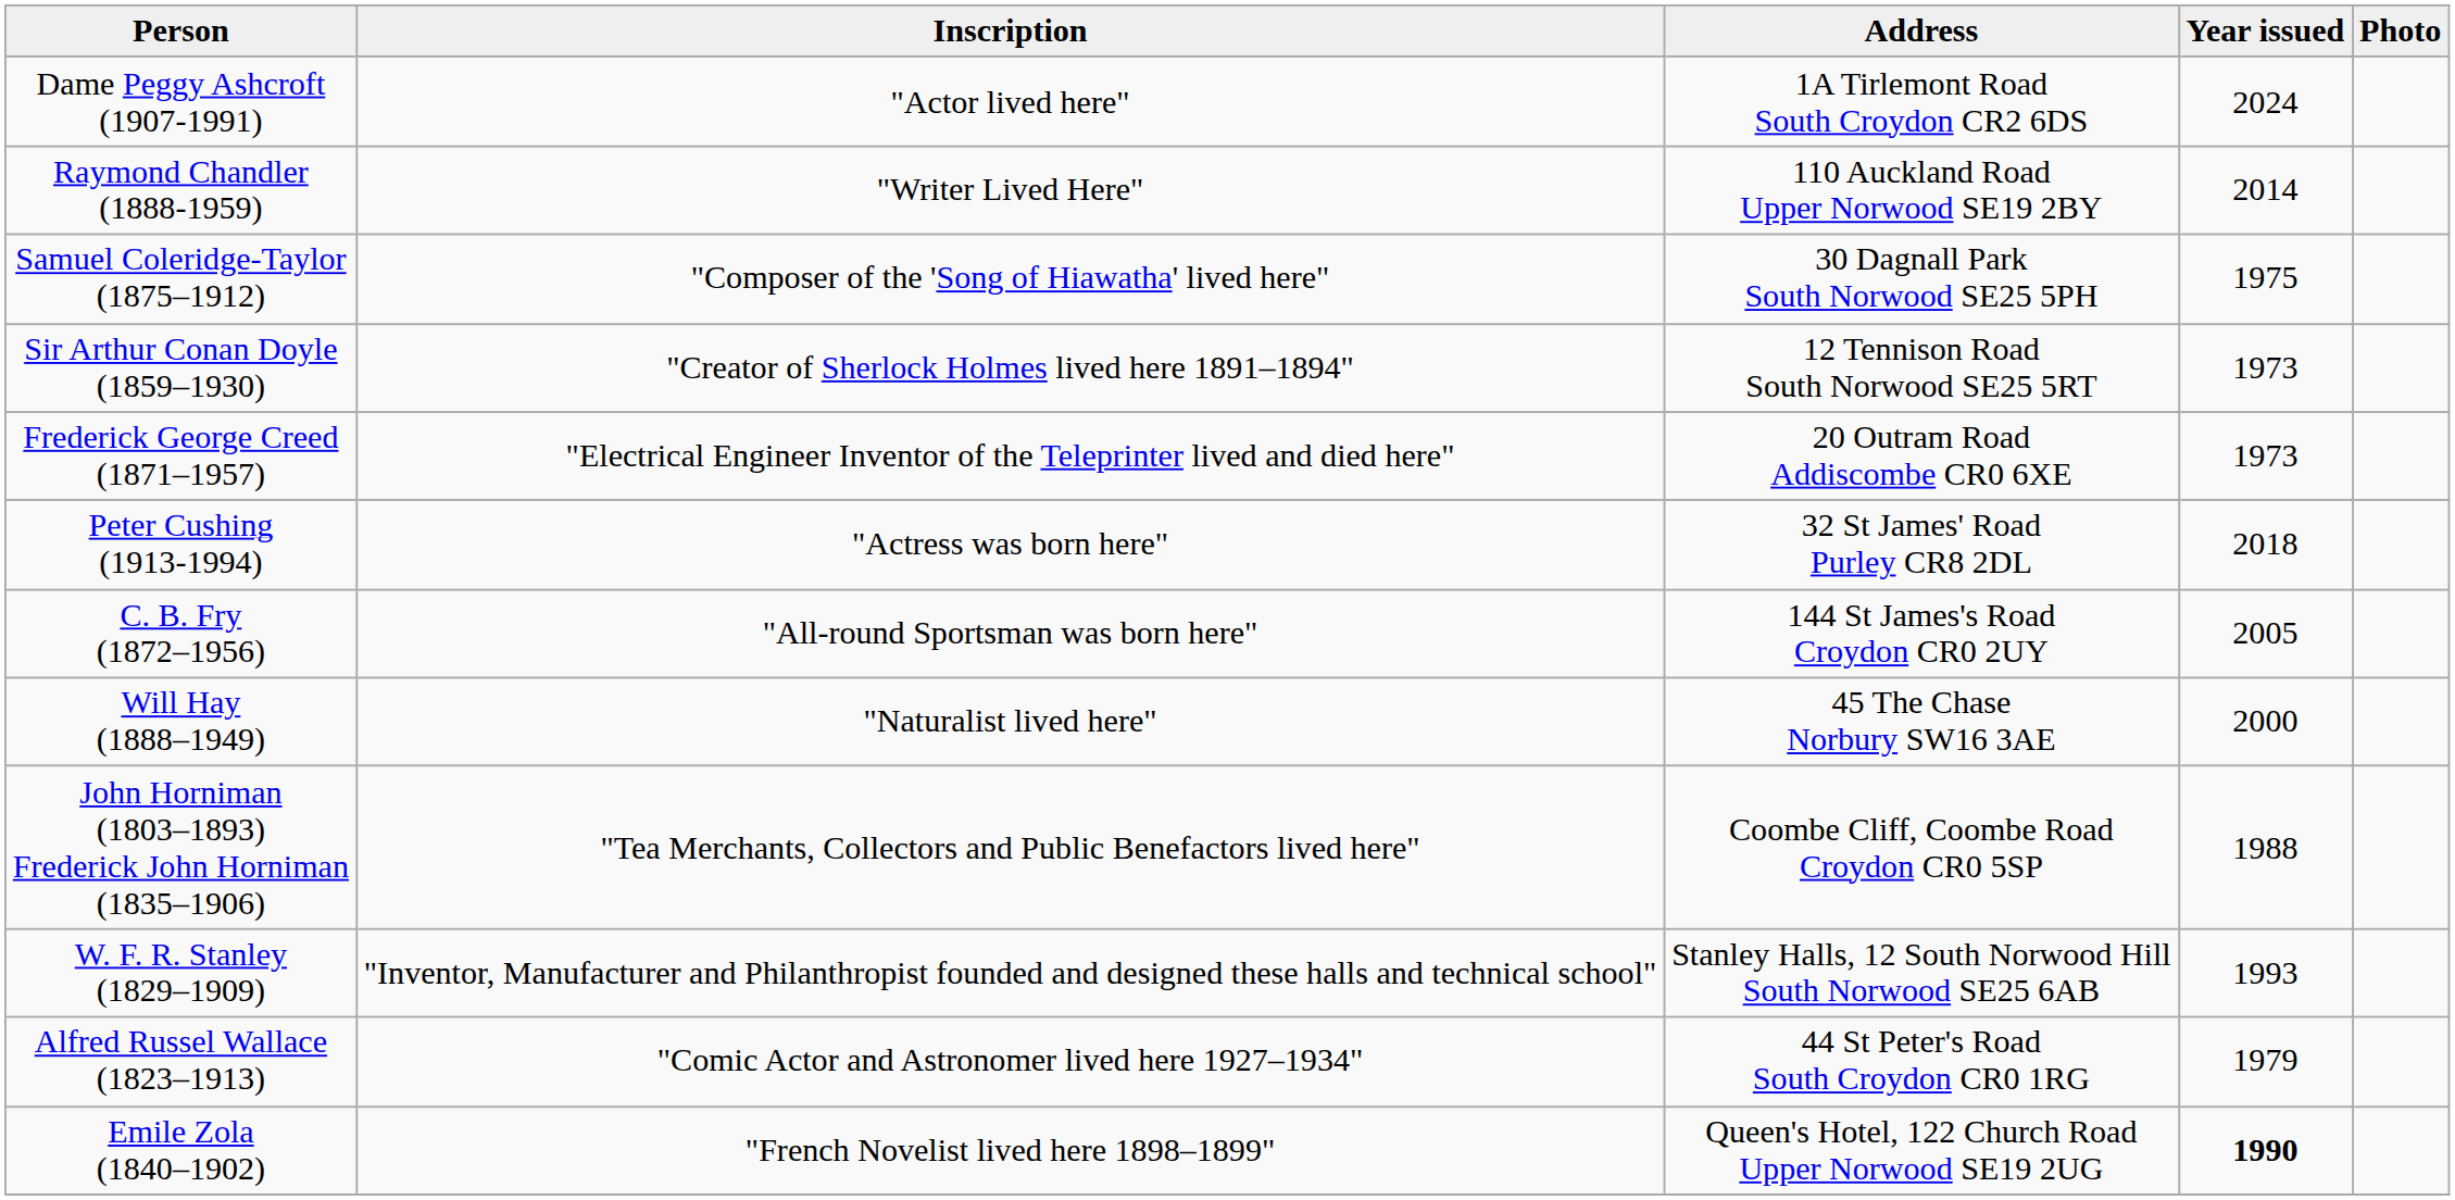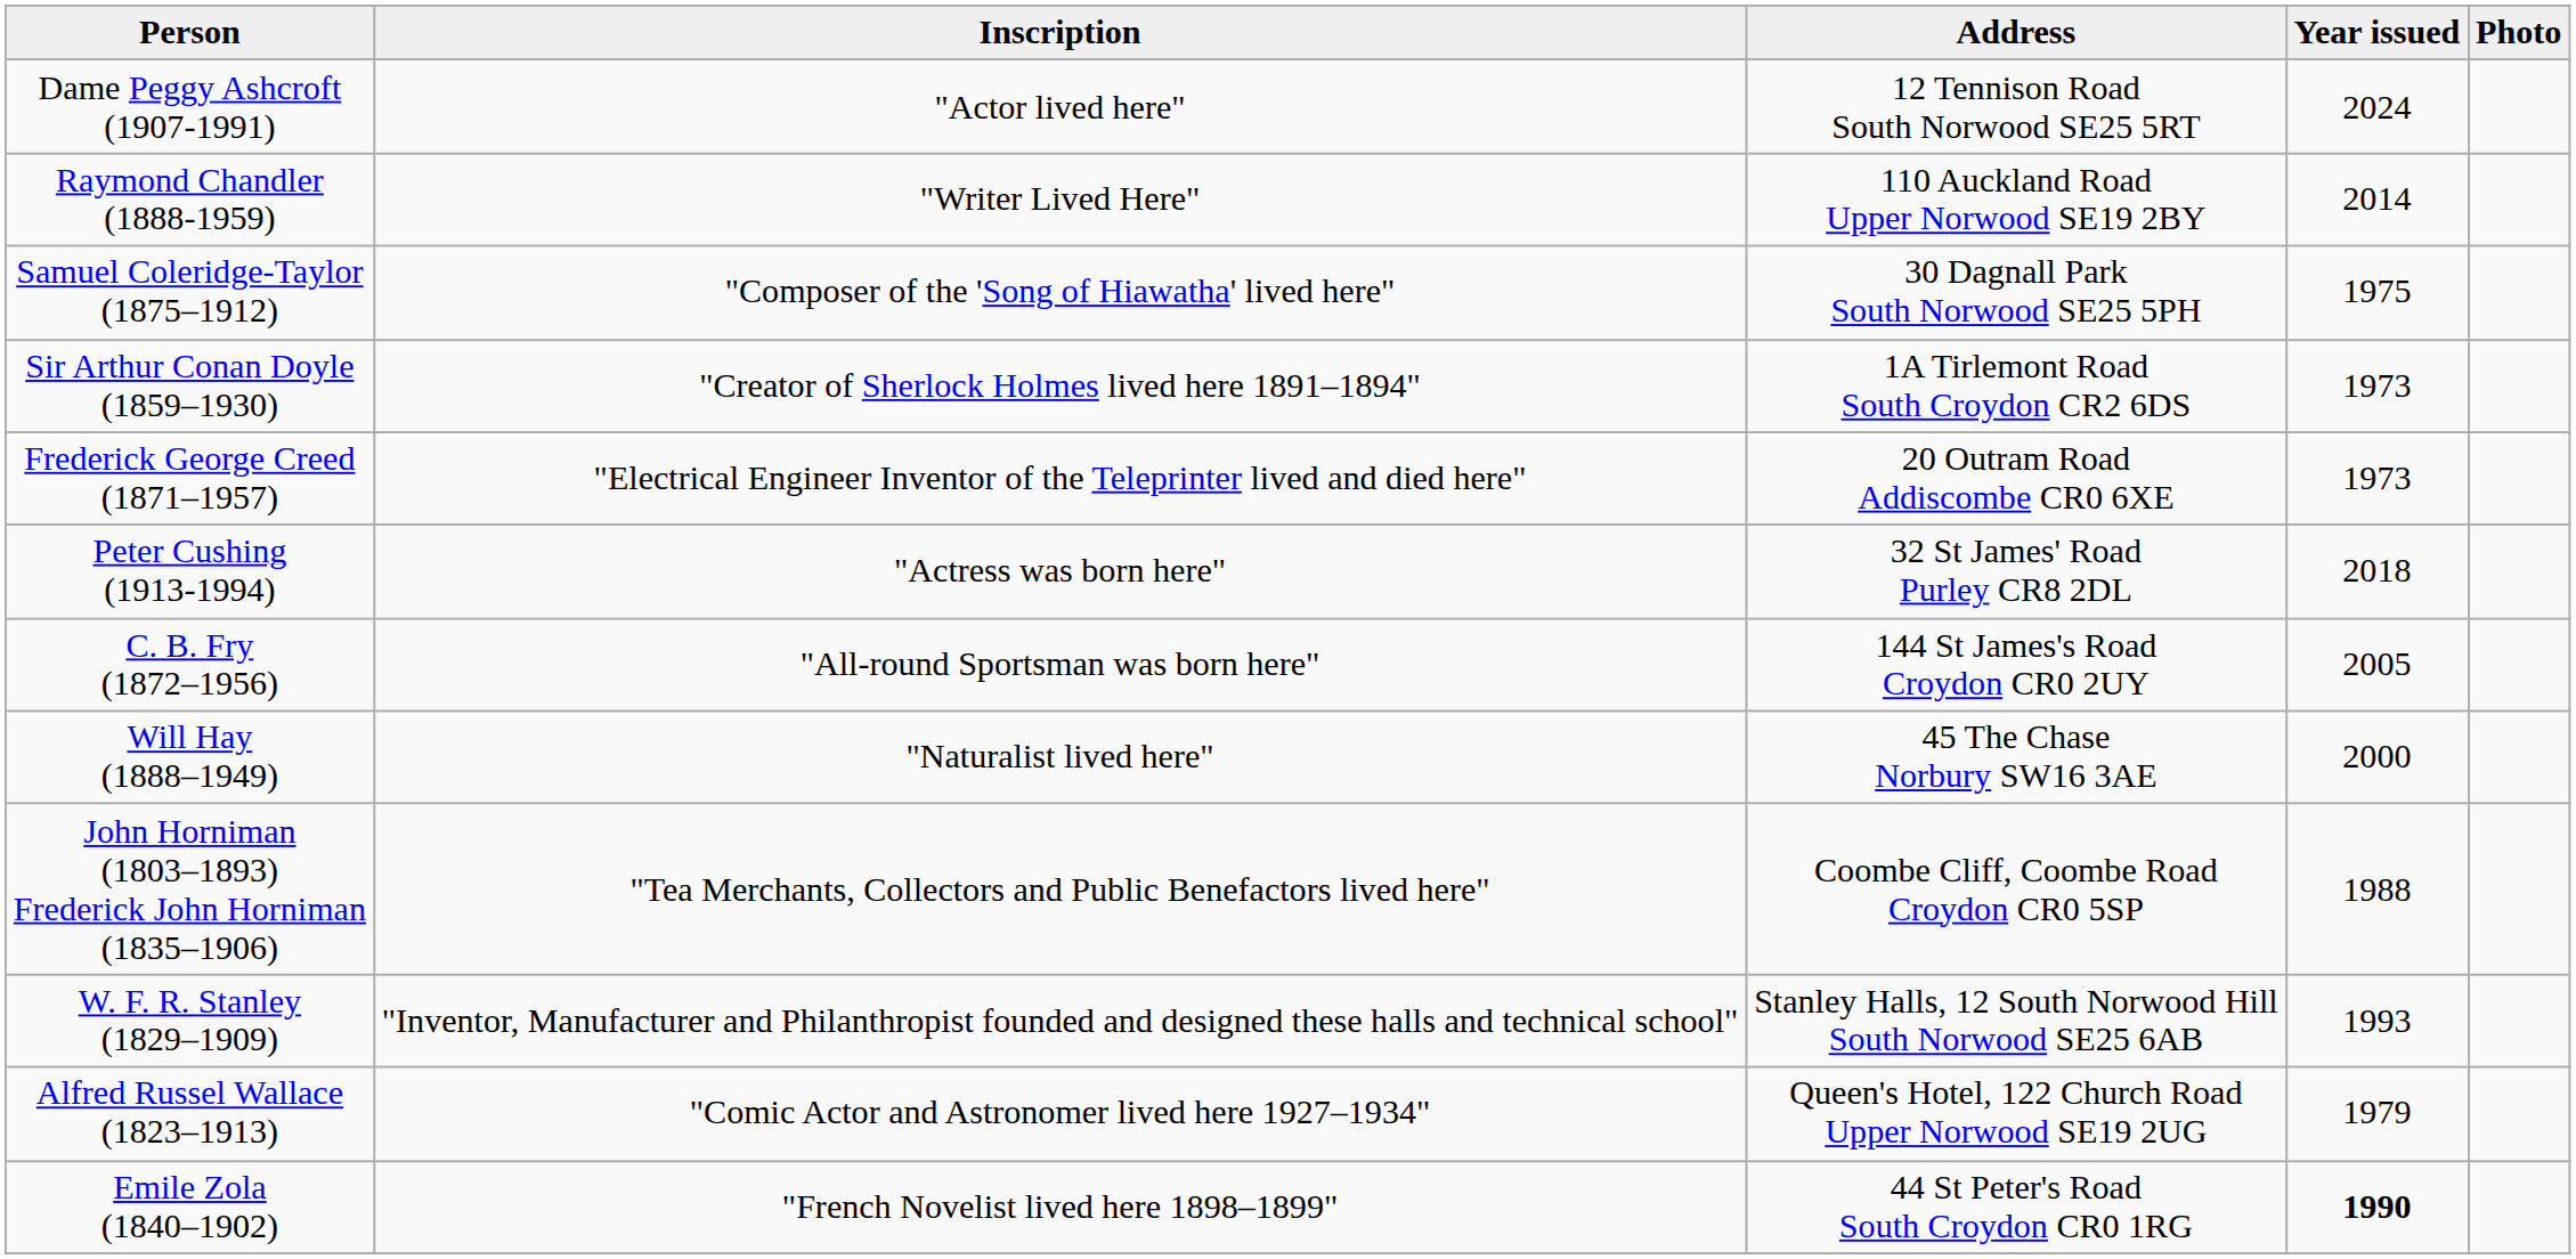 <table class="wikitable"  style="text-align:center;">
 <tr>
 <th style="background:#efefef;">Person</th>
 <th style="background:#efefef;">Inscription</th>
 <th style="background:#efefef;">Address</th>
 <th style="background:#efefef;">Year issued</th>
 <th style="background:#efefef;">Photo</th>
 </tr>
 <tr>
 <td>Dame <a href='#'>Peggy Ashcroft</a><br>(1907-1991)</td>
 <td>"Actor lived here"</td>
-<td>1A Tirlemont Road <br><a href='#'>South Croydon</a> CR2 6DS</td>
+<td>12 Tennison Road<br>South Norwood SE25 5RT</td>
 <td>2024</td>
 <td></td>
 </tr>
 <tr>
 <td><a href='#'>Raymond Chandler</a><br>(1888-1959)</td>
 <td>"Writer Lived Here"</td>
 <td>110 Auckland Road<br><a href='#'>Upper Norwood</a> SE19 2BY</td>
 <td>2014</td>
 <td></td>
 </tr>
 <tr>
 <td><a href='#'>Samuel Coleridge-Taylor</a><br>(1875–1912)</td>
 <td>"Composer of the '<a href='#'>Song of Hiawatha</a>' lived here"</td>
 <td>30 Dagnall Park<br><a href='#'>South Norwood</a> SE25 5PH</td>
 <td>1975</td>
 <td></td>
 </tr>
 <tr>
 <td><a href='#'>Sir Arthur Conan Doyle</a><br>(1859–1930)</td>
 <td>"Creator of <a href='#'>Sherlock Holmes</a> lived here 1891–1894"</td>
-<td>12 Tennison Road<br>South Norwood SE25 5RT</td>
+<td>1A Tirlemont Road <br><a href='#'>South Croydon</a> CR2 6DS</td>
 <td>1973</td>
 <td></td>
 </tr>
 <tr>
 <td><a href='#'>Frederick George Creed</a><br>(1871–1957)</td>
 <td>"Electrical Engineer Inventor of the <a href='#'>Teleprinter</a> lived and died here"</td>
 <td>20 Outram Road<br><a href='#'>Addiscombe</a> CR0 6XE</td>
 <td>1973</td>
 <td></td>
 </tr>
 <tr>
 <td><a href='#'>Peter Cushing</a><br>(1913-1994)</td>
 <td>"Actress was born here"</td>
 <td>32 St James' Road<br><a href='#'>Purley</a> CR8 2DL</td>
 <td>2018</td>
 <td></td>
 </tr>
 <tr>
 <td><a href='#'>C. B. Fry</a><br>(1872–1956)</td>
 <td>"All-round Sportsman was born here"</td>
 <td>144 St James's Road<br><a href='#'>Croydon</a> CR0 2UY</td>
 <td>2005</td>
 <td></td>
 </tr>
 <tr>
 <td><a href='#'>Will Hay</a><br>(1888–1949)</td>
 <td>"Naturalist lived here"</td>
 <td>45 The Chase<br><a href='#'>Norbury</a> SW16 3AE</td>
 <td>2000</td>
 <td></td>
 </tr>
 <tr>
 <td><a href='#'>John Horniman</a><br>(1803–1893)<br><a href='#'>Frederick John Horniman</a><br>(1835–1906)</td>
 <td>"Tea Merchants, Collectors and Public Benefactors lived here"</td>
 <td>Coombe Cliff, Coombe Road<br><a href='#'>Croydon</a> CR0 5SP</td>
 <td>1988</td>
 <td></td>
 </tr>
 <tr>
 <td><a href='#'>W. F. R. Stanley</a><br>(1829–1909)</td>
 <td>"Inventor, Manufacturer and Philanthropist founded and designed these halls and technical school"</td>
 <td>Stanley Halls, 12 South Norwood Hill<br><a href='#'>South Norwood</a> SE25 6AB</td>
 <td>1993</td>
 <td></td>
 </tr>
 <tr>
 <td><a href='#'>Alfred Russel Wallace</a><br>(1823–1913)</td>
 <td>"Comic Actor and Astronomer lived here 1927–1934"</td>
-<td>44 St Peter's Road<br><a href='#'>South Croydon</a> CR0 1RG</td>
+<td>Queen's Hotel, 122 Church Road<br><a href='#'>Upper Norwood</a> SE19 2UG</td>
 <td>1979</td>
 <td></td>
 </tr>
 <tr>
 <td><a href='#'>Emile Zola</a><br>(1840–1902)</td>
 <td>"French Novelist lived here 1898–1899"</td>
-<td>Queen's Hotel, 122 Church Road<br><a href='#'>Upper Norwood</a> SE19 2UG</td>
+<td>44 St Peter's Road<br><a href='#'>South Croydon</a> CR0 1RG</td>
 <td><strong>1990</strong></td>
 <td></td>
 </tr>
 <tr>
 </tr>
 </table>
